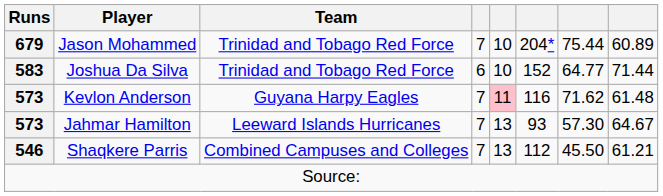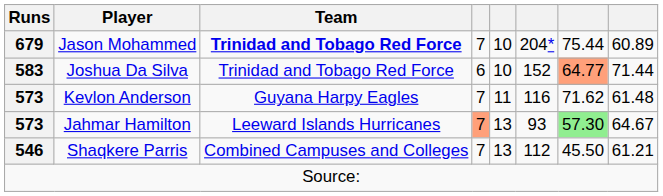 <table class="wikitable" style="text-align:center;">
 <tr>
 <th>Runs</th>
 <th>Player</th>
 <th>Team</th>
 <th></th>
 <th></th>
 <th></th>
 <th></th>
 <th></th>
 </tr>
 <tr>
 <th>679</th>
 <td><a href='#'>Jason Mohammed</a></td>
-<td><a href='#'>Trinidad and Tobago Red Force</a></td>
+<td><strong><a href='#'>Trinidad and Tobago Red Force</a></strong></td>
 <td>7</td>
 <td>10</td>
 <td>204<a href='#'>*</a></td>
 <td>75.44</td>
 <td>60.89</td>
 </tr>
 <tr>
 <th>583</th>
 <td><a href='#'>Joshua Da Silva</a></td>
 <td><a href='#'>Trinidad and Tobago Red Force</a></td>
 <td>6</td>
 <td>10</td>
 <td>152</td>
-<td>64.77</td>
+<td style="background: lightsalmon;">64.77</td>
 <td>71.44</td>
 </tr>
 <tr>
 <th>573</th>
 <td><a href='#'>Kevlon Anderson</a></td>
 <td><a href='#'>Guyana Harpy Eagles</a></td>
 <td>7</td>
-<td style="background: pink;">11</td>
+<td>11</td>
 <td>116</td>
 <td>71.62</td>
 <td>61.48</td>
 </tr>
 <tr>
 <th>573</th>
 <td><a href='#'>Jahmar Hamilton</a></td>
 <td><a href='#'>Leeward Islands Hurricanes</a></td>
-<td>7</td>
+<td style="background: lightsalmon;">7</td>
 <td>13</td>
 <td>93</td>
-<td>57.30</td>
+<td style="background: lightgreen;">57.30</td>
 <td>64.67</td>
 </tr>
 <tr>
 <th>546</th>
 <td><a href='#'>Shaqkere Parris</a></td>
 <td><a href='#'>Combined Campuses and Colleges</a></td>
 <td>7</td>
 <td>13</td>
 <td>112</td>
 <td>45.50</td>
 <td>61.21</td>
 </tr>
 <tr>
 <td colspan="8">Source: </td>
 </tr>
 </table>
